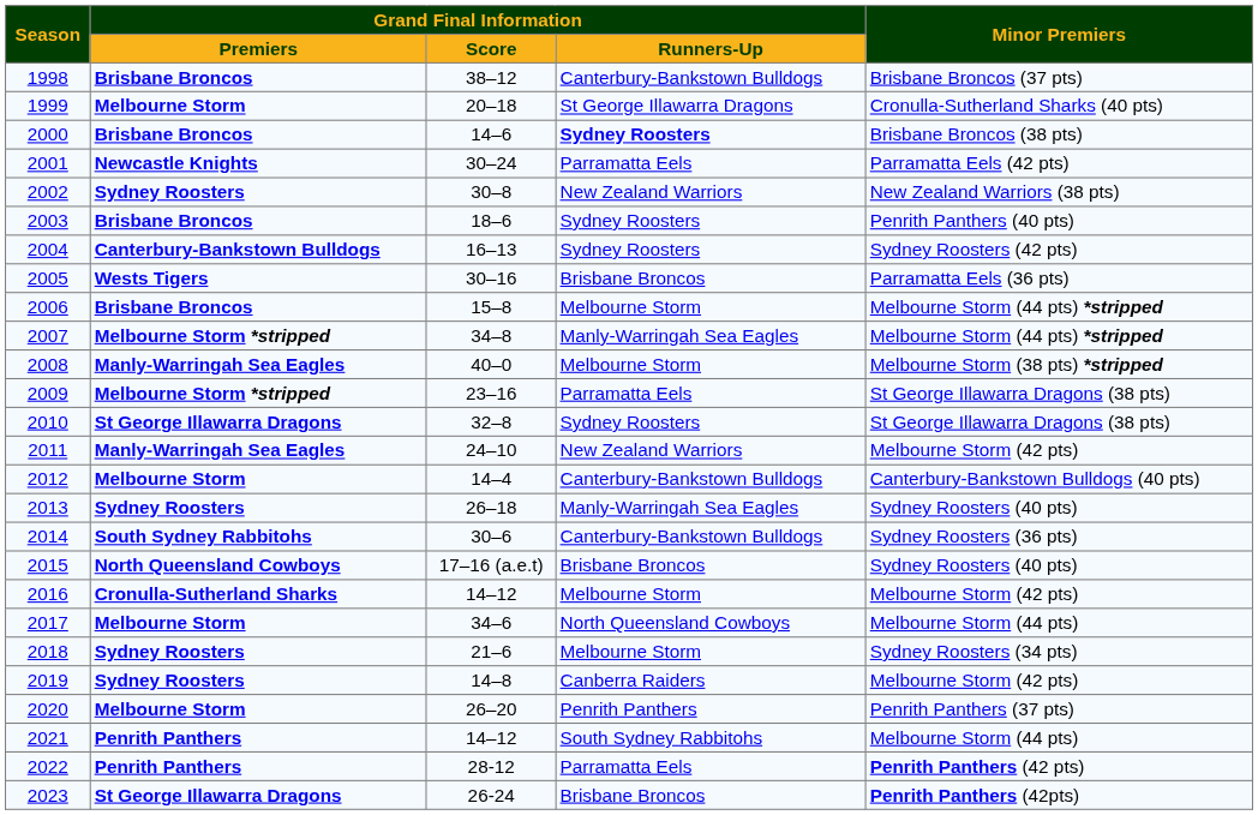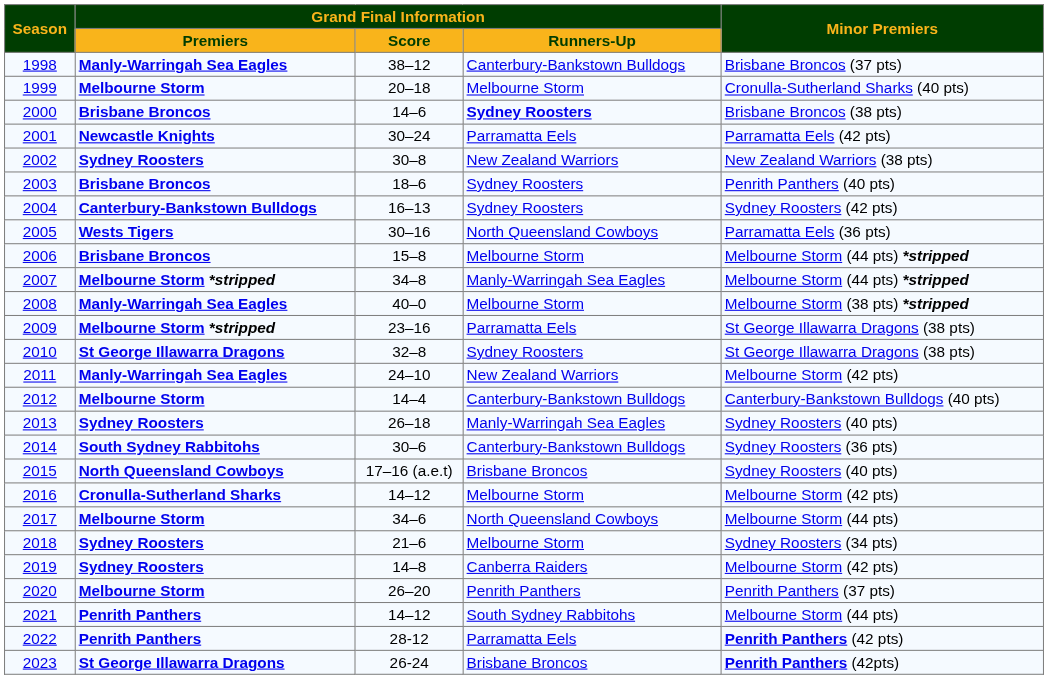 <table border="1" cellpadding="3" cellspacing="0" style="border-collapse:collapse; font-size:92%; width:1000px;">
 <tr style="background:#003D01;">
 <th rowspan=2 style="color:#F9B41B;">Season</th>
 <th colspan=3 style="color:#F9B41B;">Grand Final Information</th>
 <th rowspan=2 style="color:#F9B41B;">Minor Premiers</th>
 </tr>
 <tr style="background:#F9B41B;">
 <th style="color:#003D01;" "width:250px">Premiers</th>
 <th style="color:#003D01;" "width:80px">Score</th>
 <th style="color:#003D01;" "width:250px">Runners-Up</th>
 </tr>
 <tr style="background:#f5faff;">
 <td align=center><a href='#'>1998</a></td>
-<td> <strong><a href='#'>Brisbane Broncos</a></strong></td>
+<td> <strong><a href='#'>Manly-Warringah Sea Eagles</a></strong></td>
 <td style="text-align:center;">38–12</td>
 <td> <a href='#'>Canterbury-Bankstown Bulldogs</a></td>
 <td> <a href='#'>Brisbane Broncos</a> (37 pts)</td>
 </tr>
 <tr style="background:#f5faff;">
 <td align=center><a href='#'>1999</a></td>
 <td> <strong><a href='#'>Melbourne Storm</a></strong></td>
 <td style="text-align:center;">20–18</td>
-<td> <a href='#'>St George Illawarra Dragons</a></td>
+<td> <a href='#'>Melbourne Storm</a></td>
 <td> <a href='#'>Cronulla-Sutherland Sharks</a> (40 pts)</td>
 </tr>
 <tr style="background:#f5faff;">
 <td align=center><a href='#'>2000</a></td>
 <td> <strong><a href='#'>Brisbane Broncos</a></strong></td>
 <td style="text-align:center;">14–6</td>
 <td><strong> <a href='#'>Sydney Roosters</a></strong></td>
 <td> <a href='#'>Brisbane Broncos</a> (38 pts)</td>
 </tr>
 <tr style="background:#f5faff;">
 <td align=center><a href='#'>2001</a></td>
 <td> <strong><a href='#'>Newcastle Knights</a></strong></td>
 <td style="text-align:center;">30–24</td>
 <td> <a href='#'>Parramatta Eels</a></td>
 <td> <a href='#'>Parramatta Eels</a> (42 pts)</td>
 </tr>
 <tr style="background:#f5faff;">
 <td align=center><a href='#'>2002</a></td>
 <td> <strong><a href='#'>Sydney Roosters</a></strong></td>
 <td style="text-align:center;">30–8</td>
 <td> <a href='#'>New Zealand Warriors</a></td>
 <td> <a href='#'>New Zealand Warriors</a> (38 pts)</td>
 </tr>
 <tr style="background:#f5faff;">
 <td align=center><a href='#'>2003</a></td>
 <td> <strong><a href='#'>Brisbane Broncos</a></strong></td>
 <td style="text-align:center;">18–6</td>
 <td> <a href='#'>Sydney Roosters</a></td>
 <td> <a href='#'>Penrith Panthers</a> (40 pts)</td>
 </tr>
 <tr style="background:#f5faff;">
 <td align=center><a href='#'>2004</a></td>
 <td> <strong><a href='#'>Canterbury-Bankstown Bulldogs</a></strong></td>
 <td style="text-align:center;">16–13</td>
 <td> <a href='#'>Sydney Roosters</a></td>
 <td> <a href='#'>Sydney Roosters</a> (42 pts)</td>
 </tr>
 <tr style="background:#f5faff;">
 <td align=center><a href='#'>2005</a></td>
 <td> <strong><a href='#'>Wests Tigers</a></strong></td>
 <td style="text-align:center;">30–16</td>
-<td> <a href='#'>Brisbane Broncos</a></td>
+<td> <a href='#'>North Queensland Cowboys</a></td>
 <td> <a href='#'>Parramatta Eels</a> (36 pts)</td>
 </tr>
 <tr style="background:#f5faff;">
 <td align=center><a href='#'>2006</a></td>
 <td> <strong><a href='#'>Brisbane Broncos</a></strong></td>
 <td style="text-align:center;">15–8</td>
 <td> <a href='#'>Melbourne Storm</a></td>
 <td> <a href='#'>Melbourne Storm</a> (44 pts) <strong><em>*stripped</em></strong></td>
 </tr>
 <tr style="background:#f5faff;">
 <td align=center><a href='#'>2007</a></td>
 <td> <strong><a href='#'>Melbourne Storm</a></strong> <strong><em>*stripped</em></strong></td>
 <td style="text-align:center;">34–8</td>
 <td> <a href='#'>Manly-Warringah Sea Eagles</a></td>
 <td> <a href='#'>Melbourne Storm</a> (44 pts)  <strong><em>*stripped</em></strong></td>
 </tr>
 <tr style="background:#f5faff;">
 <td align=center><a href='#'>2008</a></td>
 <td> <strong><a href='#'>Manly-Warringah Sea Eagles</a></strong></td>
 <td style="text-align:center;">40–0</td>
 <td> <a href='#'>Melbourne Storm</a></td>
 <td> <a href='#'>Melbourne Storm</a> (38 pts) <strong><em>*stripped</em></strong></td>
 </tr>
 <tr style="background:#f5faff;">
 <td align=center><a href='#'>2009</a></td>
 <td> <strong><a href='#'>Melbourne Storm</a></strong> <strong><em>*stripped</em></strong></td>
 <td style="text-align:center;">23–16</td>
 <td> <a href='#'>Parramatta Eels</a></td>
 <td> <a href='#'>St George Illawarra Dragons</a> (38 pts)</td>
 </tr>
 <tr style="background:#f5faff;">
 <td align=center><a href='#'>2010</a></td>
 <td> <strong><a href='#'>St George Illawarra Dragons</a></strong></td>
 <td style="text-align:center;">32–8</td>
 <td> <a href='#'>Sydney Roosters</a></td>
 <td> <a href='#'>St George Illawarra Dragons</a> (38 pts)</td>
 </tr>
 <tr style="background:#f5faff;">
 <td align=center><a href='#'>2011</a></td>
 <td> <strong><a href='#'>Manly-Warringah Sea Eagles</a></strong></td>
 <td style="text-align:center;">24–10</td>
 <td> <a href='#'>New Zealand Warriors</a></td>
 <td> <a href='#'>Melbourne Storm</a> (42 pts)</td>
 </tr>
 <tr style="background:#f5faff;">
 <td align=center><a href='#'>2012</a></td>
 <td> <strong><a href='#'>Melbourne Storm</a></strong></td>
 <td style="text-align:center;">14–4</td>
 <td> <a href='#'>Canterbury-Bankstown Bulldogs</a></td>
 <td> <a href='#'>Canterbury-Bankstown Bulldogs</a> (40 pts)</td>
 </tr>
 <tr style="background:#f5faff;">
 <td align=center><a href='#'>2013</a></td>
 <td> <strong><a href='#'>Sydney Roosters</a></strong></td>
 <td style="text-align:center;">26–18</td>
 <td> <a href='#'>Manly-Warringah Sea Eagles</a></td>
 <td> <a href='#'>Sydney Roosters</a> (40 pts)</td>
 </tr>
 <tr style="background:#f5faff;">
 <td align=center><a href='#'>2014</a></td>
 <td> <strong><a href='#'>South Sydney Rabbitohs</a></strong></td>
 <td style="text-align:center;">30–6</td>
 <td> <a href='#'>Canterbury-Bankstown Bulldogs</a></td>
 <td> <a href='#'>Sydney Roosters</a> (36 pts)</td>
 </tr>
 <tr style="background:#f5faff;">
 <td align=center><a href='#'>2015</a></td>
 <td> <strong><a href='#'>North Queensland Cowboys</a></strong></td>
 <td style="text-align:center;">17–16 (a.e.t)</td>
 <td> <a href='#'>Brisbane Broncos</a></td>
 <td> <a href='#'>Sydney Roosters</a> (40 pts)</td>
 </tr>
 <tr style="background:#f5faff;">
 <td align=center><a href='#'>2016</a></td>
 <td> <strong><a href='#'>Cronulla-Sutherland Sharks</a></strong></td>
 <td style="text-align:center;">14–12</td>
 <td> <a href='#'>Melbourne Storm</a></td>
 <td> <a href='#'>Melbourne Storm</a> (42 pts)</td>
 </tr>
 <tr style="background:#f5faff;">
 <td align=center><a href='#'>2017</a></td>
 <td> <strong><a href='#'>Melbourne Storm</a></strong></td>
 <td style="text-align:center;">34–6</td>
 <td> <a href='#'>North Queensland Cowboys</a></td>
 <td> <a href='#'>Melbourne Storm</a> (44 pts)</td>
 </tr>
 <tr style="background:#f5faff;">
 <td align=center><a href='#'>2018</a></td>
 <td> <strong><a href='#'>Sydney Roosters</a></strong></td>
 <td style="text-align:center;">21–6</td>
 <td> <a href='#'>Melbourne Storm</a></td>
 <td> <a href='#'>Sydney Roosters</a> (34 pts)</td>
 </tr>
 <tr style="background:#f5faff;">
 <td align=center><a href='#'>2019</a></td>
 <td> <strong><a href='#'>Sydney Roosters</a></strong></td>
 <td style="text-align:center;">14–8</td>
 <td> <a href='#'>Canberra Raiders</a></td>
 <td> <a href='#'>Melbourne Storm</a> (42 pts)</td>
 </tr>
 <tr style="background:#f5faff;">
 <td align=center><a href='#'>2020</a></td>
 <td> <strong><a href='#'>Melbourne Storm</a></strong></td>
 <td style="text-align:center;">26–20</td>
 <td> <a href='#'>Penrith Panthers</a></td>
 <td> <a href='#'>Penrith Panthers</a> (37 pts)</td>
 </tr>
 <tr style="background:#f5faff;">
 <td align=center><a href='#'>2021</a></td>
 <td> <strong><a href='#'>Penrith Panthers</a></strong></td>
 <td style="text-align:center;">14–12</td>
 <td> <a href='#'>South Sydney Rabbitohs</a></td>
 <td> <a href='#'>Melbourne Storm</a> (44 pts)</td>
 </tr>
 <tr style="background:#f5faff">
 <td align=center><a href='#'>2022</a></td>
 <td> <strong><a href='#'>Penrith Panthers</a></strong></td>
 <td style="text-align:center;">28-12</td>
 <td> <a href='#'>Parramatta Eels</a></td>
 <td> <strong><a href='#'>Penrith Panthers</a></strong> (42 pts)</td>
 </tr>
 <tr style="background:#f5faff">
 <td align=center><a href='#'>2023</a></td>
 <td> <strong><a href='#'>St George Illawarra Dragons</a></strong></td>
 <td style="text-align:center;">26-24</td>
 <td> <a href='#'>Brisbane Broncos</a></td>
 <td> <strong><a href='#'>Penrith Panthers</a></strong> (42pts)</td>
 </tr>
 </table>
